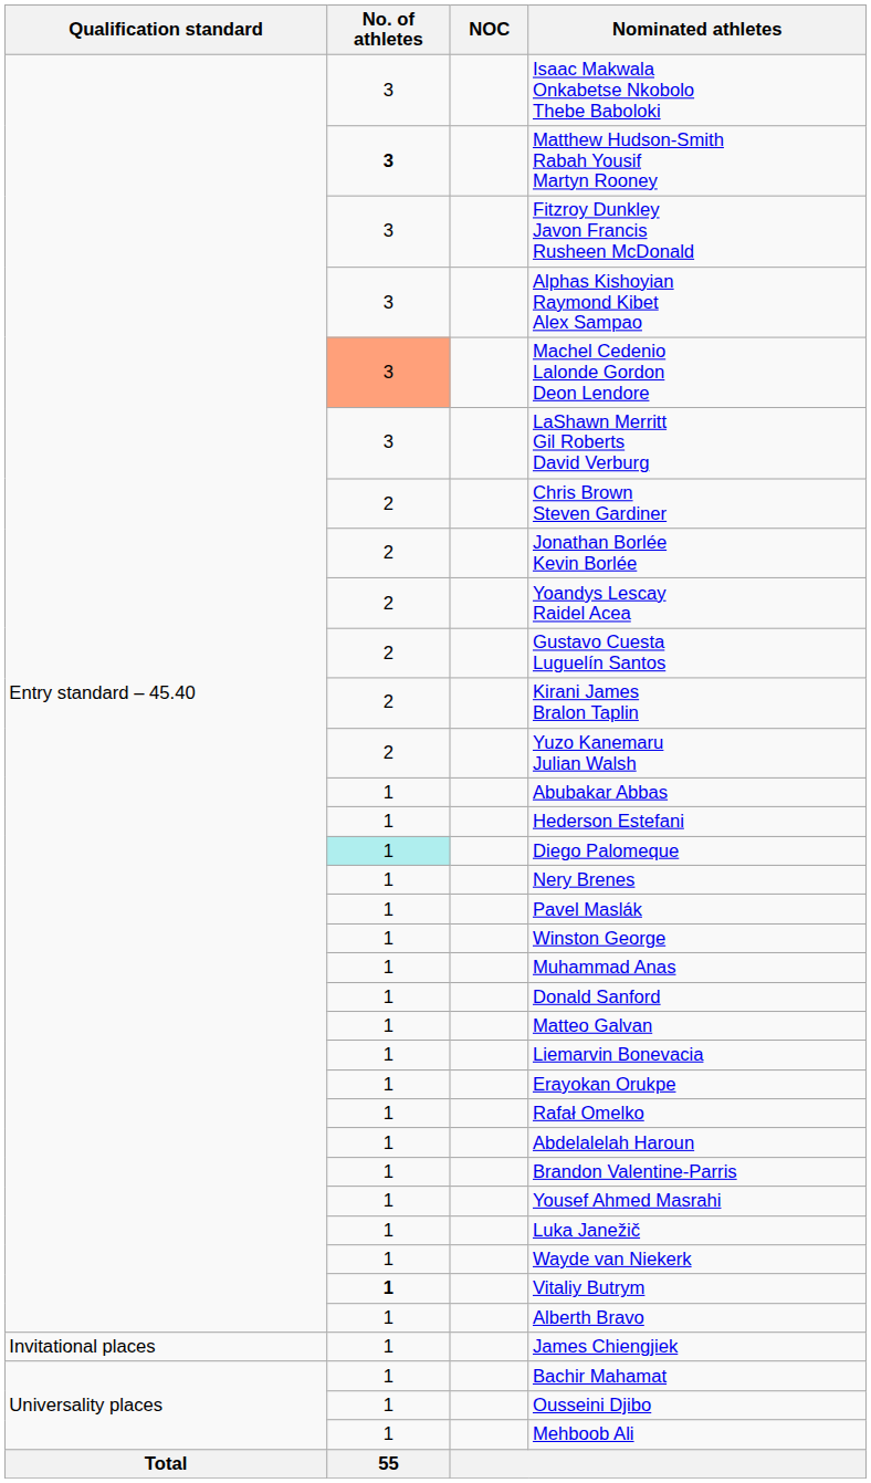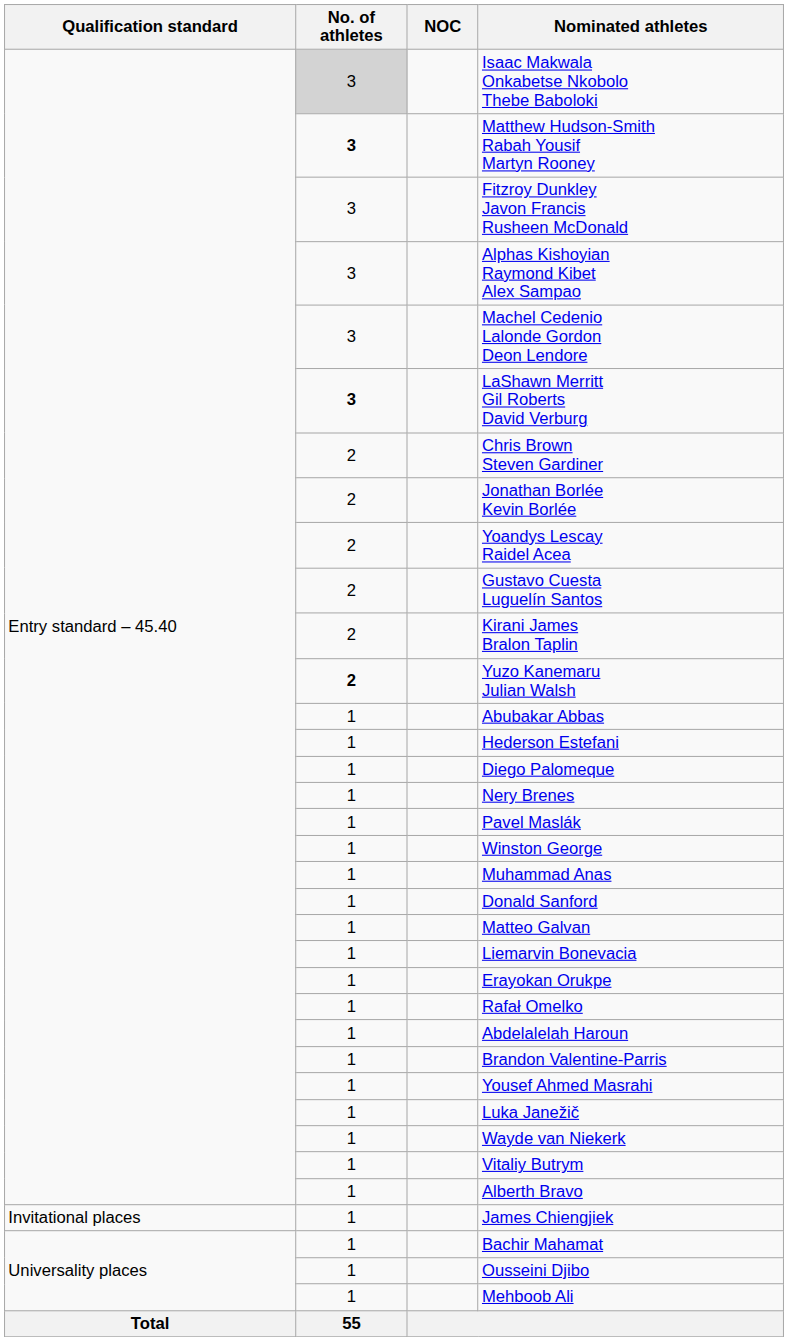 <table class="wikitable"  style="text-align:left; width:750px;">
 <tr>
 <th>Qualification standard</th>
 <th width=100>No. of athletes</th>
 <th>NOC</th>
 <th>Nominated athletes</th>
 </tr>
 <tr>
 <td rowspan="31">Entry standard – 45.40</td>
-<td style="text-align:center;">3</td>
+<td style="background: lightgrey; text-align:center;">3</td>
 <td></td>
 <td><a href='#'>Isaac Makwala</a><br><a href='#'>Onkabetse Nkobolo</a><br><a href='#'>Thebe Baboloki</a></td>
 </tr>
 <tr>
 <td style="text-align:center;"><strong>3</strong></td>
 <td></td>
 <td><a href='#'>Matthew Hudson-Smith</a><br><a href='#'>Rabah Yousif</a><br><a href='#'>Martyn Rooney</a></td>
 </tr>
 <tr>
 <td style="text-align:center;">3</td>
 <td></td>
 <td><a href='#'>Fitzroy Dunkley</a><br><a href='#'>Javon Francis</a><br><a href='#'>Rusheen McDonald</a></td>
 </tr>
 <tr>
 <td style="text-align:center;">3</td>
 <td></td>
 <td><a href='#'>Alphas Kishoyian</a><br><a href='#'>Raymond Kibet</a><br><a href='#'>Alex Sampao</a></td>
 </tr>
 <tr>
-<td style="background: lightsalmon; text-align:center;">3</td>
+<td style="text-align:center;">3</td>
 <td></td>
 <td><a href='#'>Machel Cedenio</a><br><a href='#'>Lalonde Gordon</a><br><a href='#'>Deon Lendore</a></td>
 </tr>
 <tr>
-<td style="text-align:center;">3</td>
+<td style="text-align:center;"><strong>3</strong></td>
 <td></td>
 <td><a href='#'>LaShawn Merritt</a><br><a href='#'>Gil Roberts</a><br><a href='#'>David Verburg</a></td>
 </tr>
 <tr>
 <td style="text-align:center;">2</td>
 <td></td>
 <td><a href='#'>Chris Brown</a><br><a href='#'>Steven Gardiner</a></td>
 </tr>
 <tr>
 <td style="text-align:center;">2</td>
 <td></td>
 <td><a href='#'>Jonathan Borlée</a><br><a href='#'>Kevin Borlée</a></td>
 </tr>
 <tr>
 <td style="text-align:center;">2</td>
 <td></td>
 <td><a href='#'>Yoandys Lescay</a><br><a href='#'>Raidel Acea</a></td>
 </tr>
 <tr>
 <td style="text-align:center;">2</td>
 <td></td>
 <td><a href='#'>Gustavo Cuesta</a><br><a href='#'>Luguelín Santos</a></td>
 </tr>
 <tr>
 <td style="text-align:center;">2</td>
 <td></td>
 <td><a href='#'>Kirani James</a><br><a href='#'>Bralon Taplin</a></td>
 </tr>
 <tr>
-<td style="text-align:center;">2</td>
+<td style="text-align:center;"><strong>2</strong></td>
 <td></td>
 <td><a href='#'>Yuzo Kanemaru</a><br><a href='#'>Julian Walsh</a></td>
 </tr>
 <tr>
 <td style="text-align:center;">1</td>
 <td></td>
 <td><a href='#'>Abubakar Abbas</a></td>
 </tr>
 <tr>
 <td style="text-align:center;">1</td>
 <td></td>
 <td><a href='#'>Hederson Estefani</a> </td>
 </tr>
 <tr>
-<td style="background: paleturquoise; text-align:center;">1</td>
+<td style="text-align:center;">1</td>
 <td></td>
 <td><a href='#'>Diego Palomeque</a></td>
 </tr>
 <tr>
 <td style="text-align:center;">1</td>
 <td></td>
 <td><a href='#'>Nery Brenes</a></td>
 </tr>
 <tr>
 <td style="text-align:center;">1</td>
 <td></td>
 <td><a href='#'>Pavel Maslák</a> </td>
 </tr>
 <tr>
 <td style="text-align:center;">1</td>
 <td></td>
 <td><a href='#'>Winston George</a></td>
 </tr>
 <tr>
 <td style="text-align: center;">1</td>
 <td></td>
 <td><a href='#'>Muhammad Anas</a></td>
 </tr>
 <tr>
 <td style="text-align:center;">1</td>
 <td></td>
 <td><a href='#'>Donald Sanford</a></td>
 </tr>
 <tr>
 <td style="text-align:center;">1</td>
 <td></td>
 <td><a href='#'>Matteo Galvan</a></td>
 </tr>
 <tr>
 <td style="text-align:center;">1</td>
 <td></td>
 <td><a href='#'>Liemarvin Bonevacia</a></td>
 </tr>
 <tr>
 <td style="text-align:center;">1</td>
 <td></td>
 <td><a href='#'>Erayokan Orukpe</a></td>
 </tr>
 <tr>
 <td style="text-align:center;">1</td>
 <td></td>
 <td><a href='#'>Rafał Omelko</a></td>
 </tr>
 <tr>
 <td style="text-align:center;">1</td>
 <td></td>
 <td><a href='#'>Abdelalelah Haroun</a></td>
 </tr>
 <tr>
 <td style="text-align:center;">1</td>
 <td></td>
 <td><a href='#'>Brandon Valentine-Parris</a></td>
 </tr>
 <tr>
 <td style="text-align:center;">1</td>
 <td></td>
 <td><a href='#'>Yousef Ahmed Masrahi</a></td>
 </tr>
 <tr>
 <td style="text-align:center;">1</td>
 <td></td>
 <td><a href='#'>Luka Janežič</a></td>
 </tr>
 <tr>
 <td style="text-align:center;">1</td>
 <td></td>
 <td><a href='#'>Wayde van Niekerk</a></td>
 </tr>
 <tr>
-<td style="text-align:center;"><strong>1</strong></td>
+<td style="text-align:center;">1</td>
 <td></td>
 <td><a href='#'>Vitaliy Butrym</a></td>
 </tr>
 <tr>
 <td style="text-align:center;">1</td>
 <td></td>
 <td><a href='#'>Alberth Bravo</a></td>
 </tr>
 <tr>
 <td>Invitational places</td>
 <td style="text-align:center;">1</td>
 <td></td>
 <td><a href='#'>James Chiengjiek</a></td>
 </tr>
 <tr>
 <td rowspan="3">Universality places</td>
 <td style="text-align:center;">1</td>
 <td></td>
 <td><a href='#'>Bachir Mahamat</a></td>
 </tr>
 <tr>
 <td style="text-align:center;">1</td>
 <td></td>
 <td><a href='#'>Ousseini Djibo</a></td>
 </tr>
 <tr>
 <td style="text-align:center;">1</td>
 <td></td>
 <td><a href='#'>Mehboob Ali</a></td>
 </tr>
 <tr>
 <th>Total</th>
 <th>55</th>
 <th colspan=2></th>
 </tr>
 </table>
